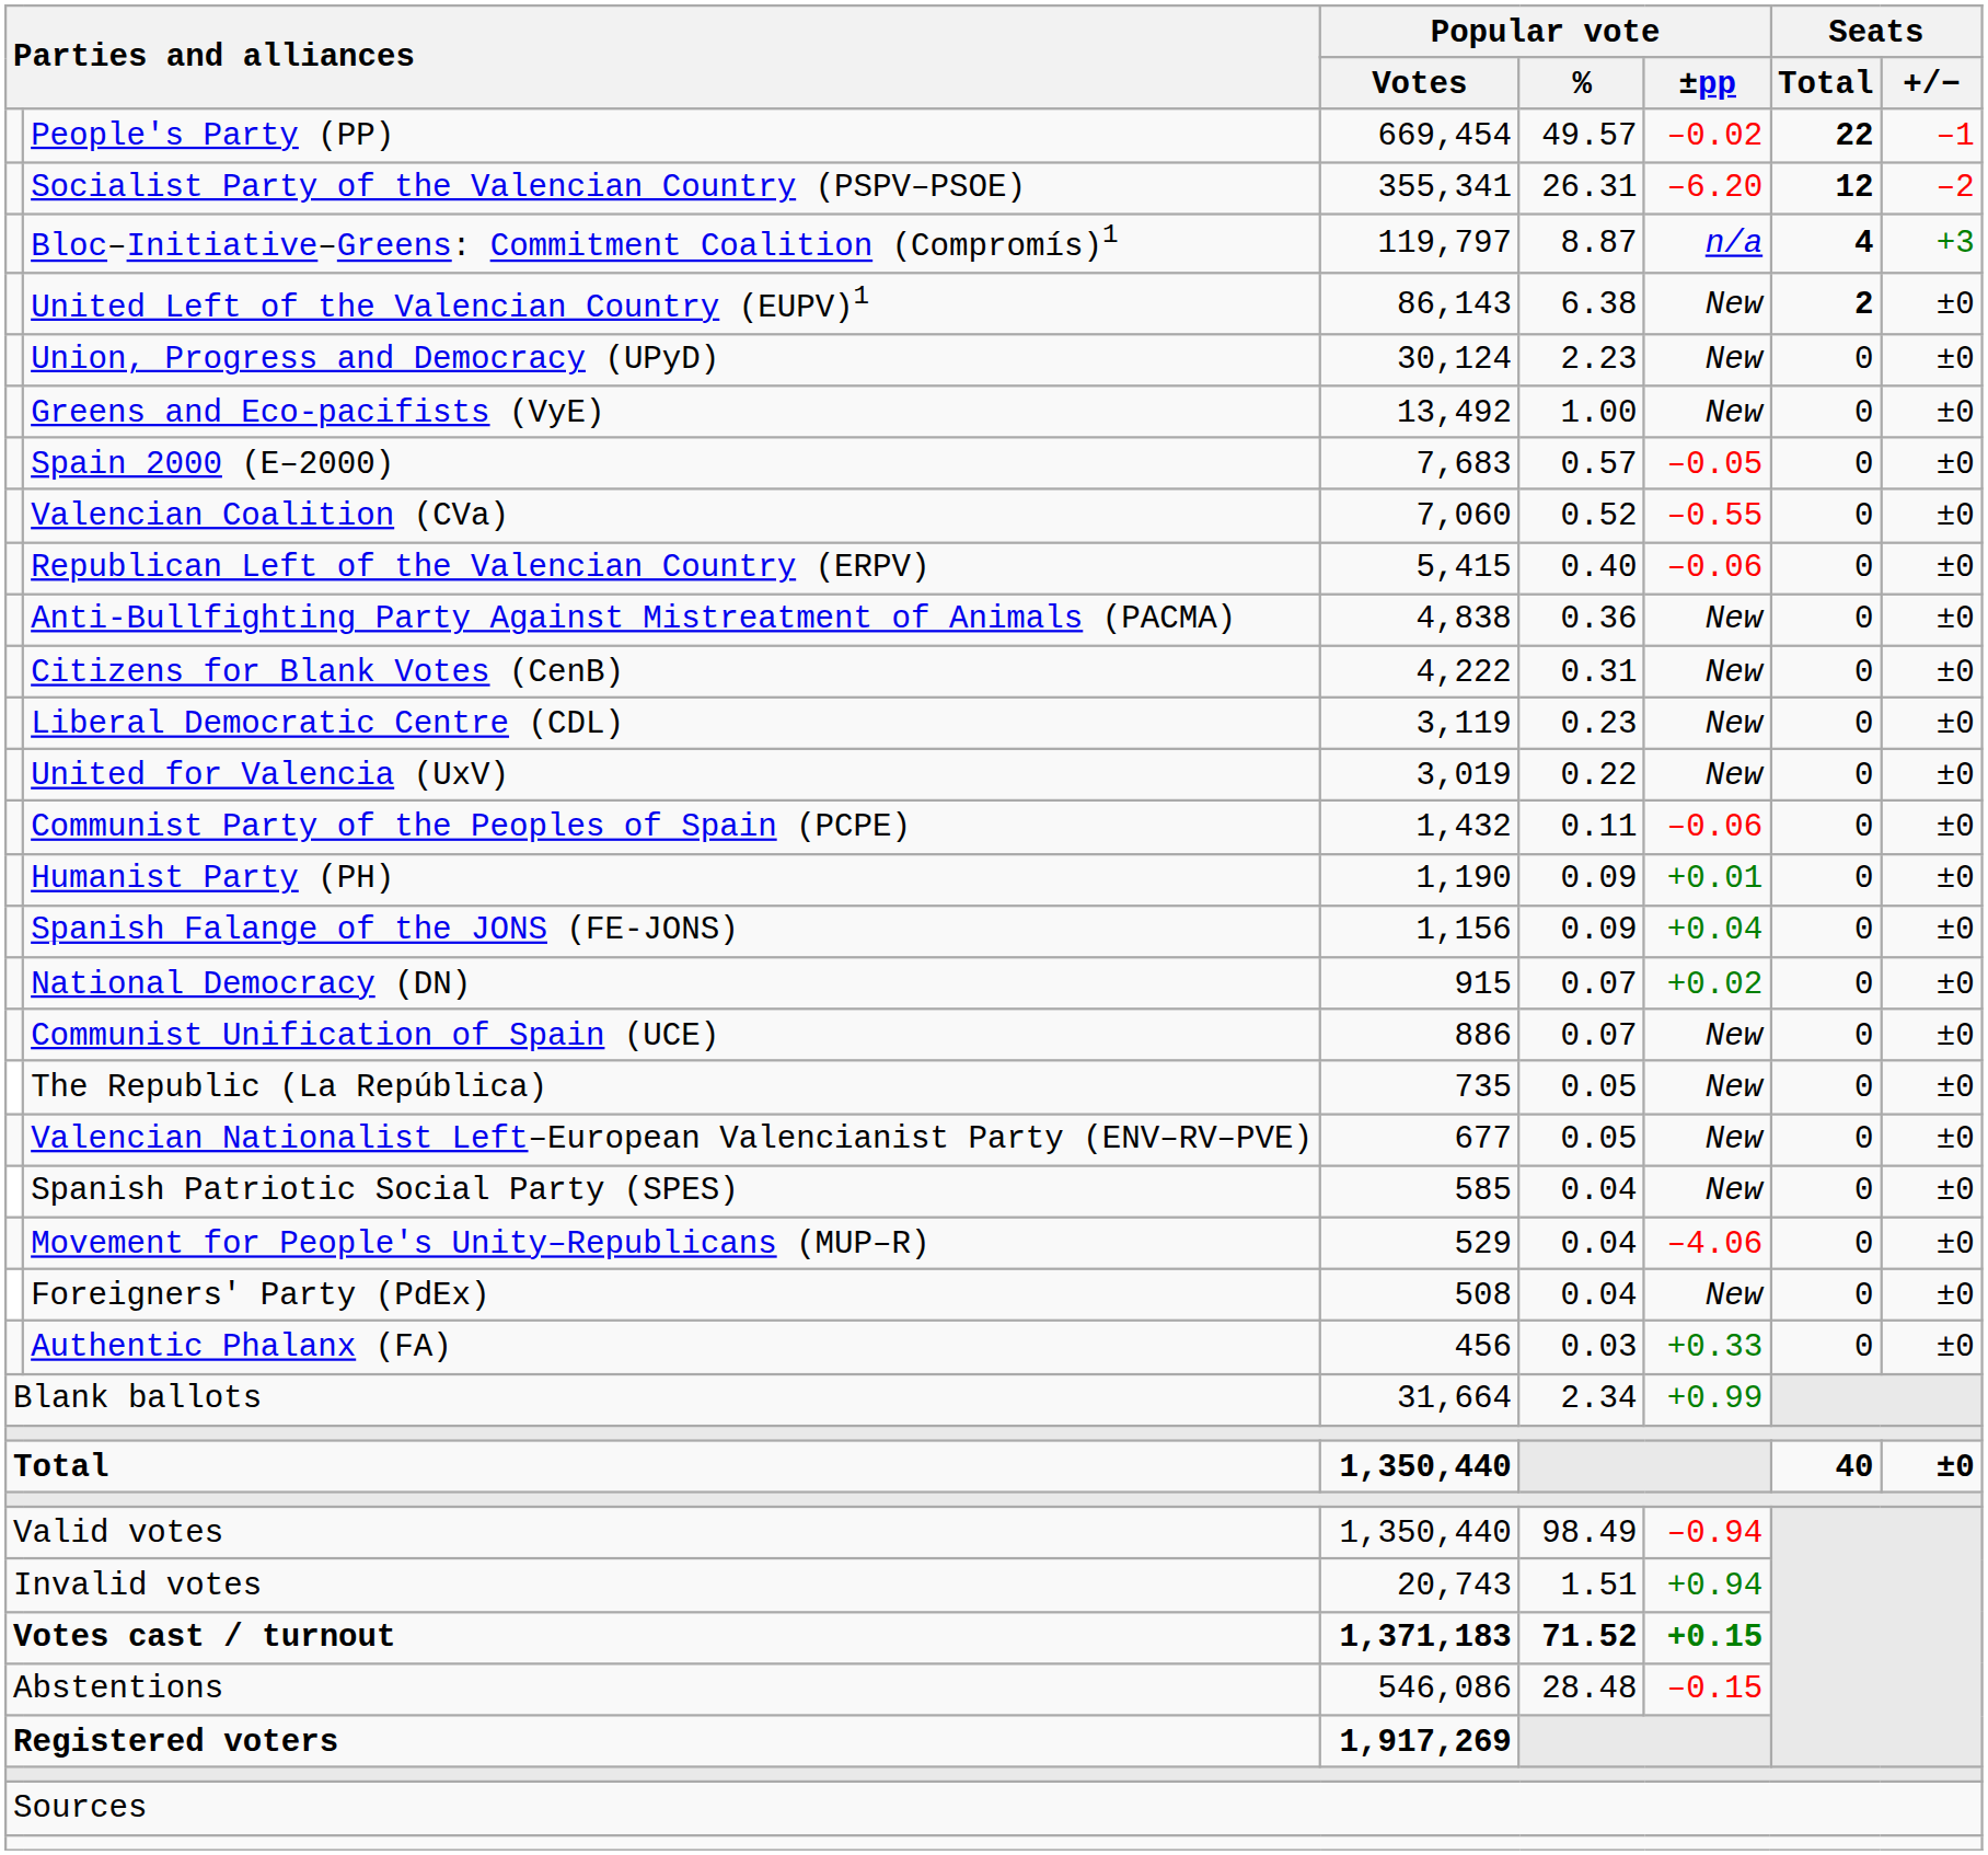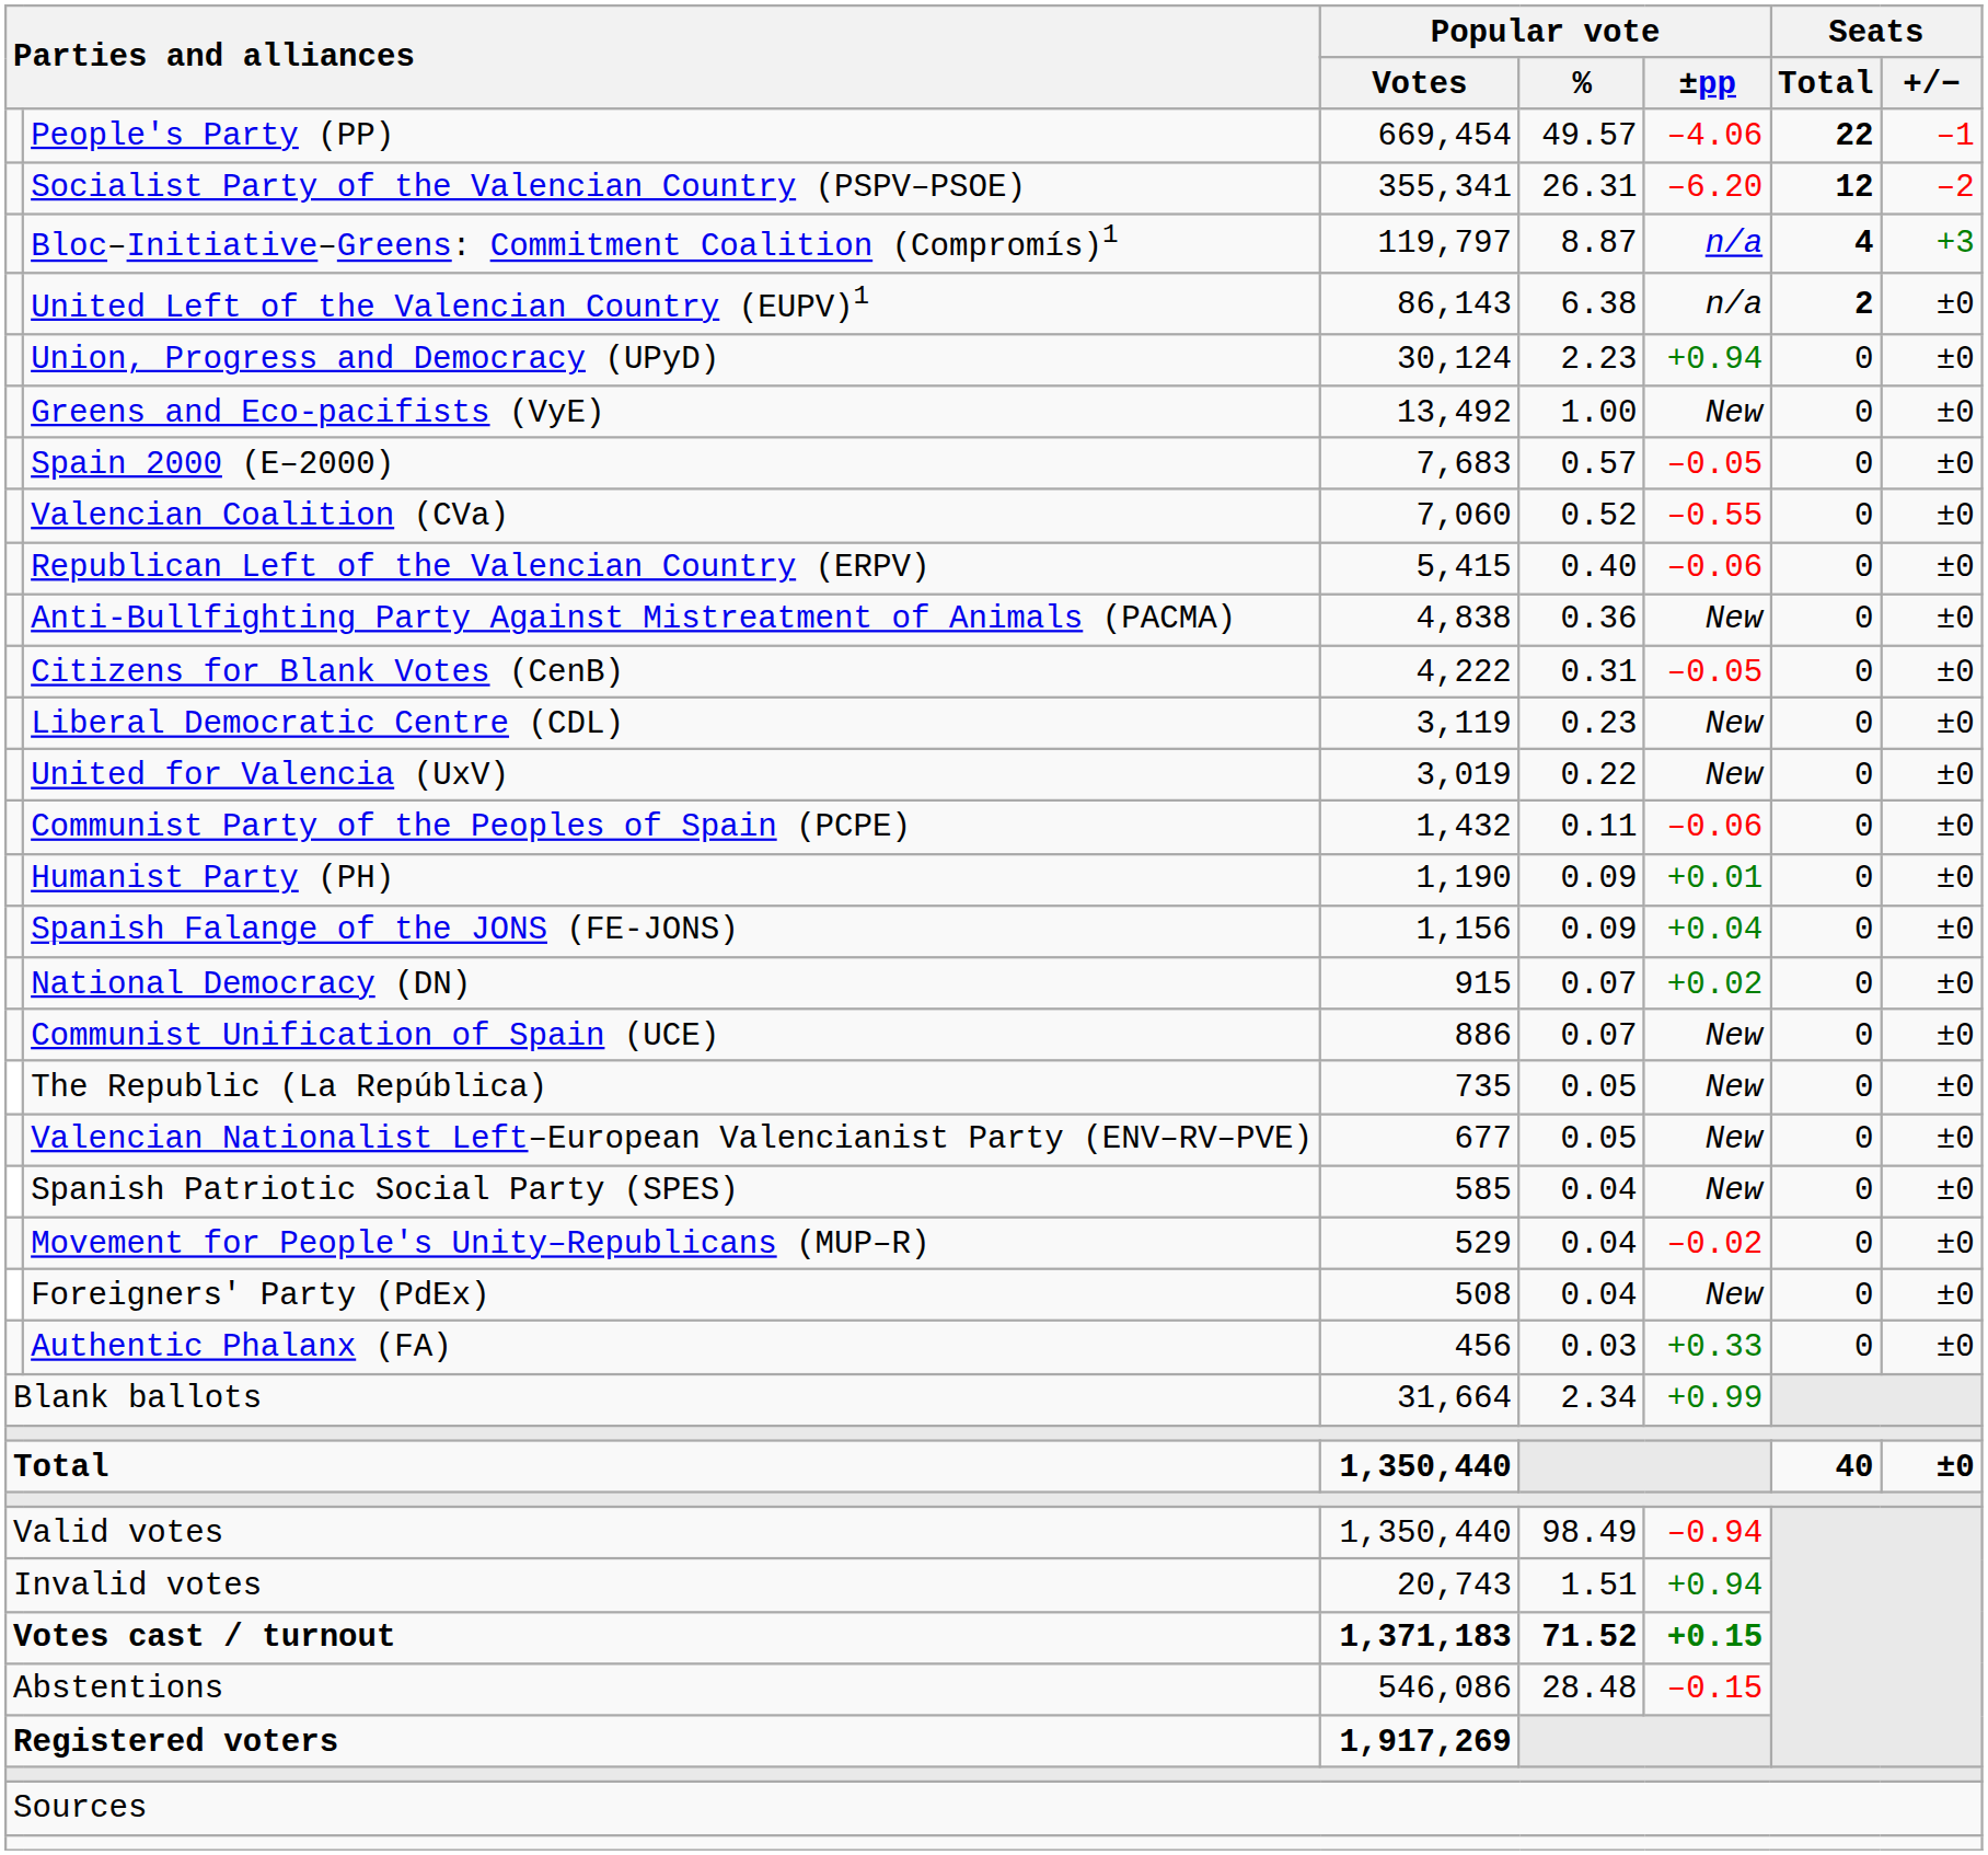 <table class="wikitable" style="text-align:right;">
 <tr>
 <th style="text-align:left;" rowspan="2" colspan="2" width="525">Parties and alliances</th>
 <th colspan="3">Popular vote</th>
 <th colspan="2">Seats</th>
 </tr>
 <tr>
 <th width="75">Votes</th>
 <th width="45">%</th>
 <th width="45">±<a href='#'>pp</a></th>
 <th width="35">Total</th>
 <th width="35">+/−</th>
 </tr>
 <tr>
 <td width="1" style="color:inherit;background:"></td>
 <td align="left"><a href='#'>People's Party</a> (PP)</td>
 <td>669,454</td>
 <td>49.57</td>
-<td style="color:red;">–0.02</td>
+<td style="color:red;">–4.06</td>
 <td><strong>22</strong></td>
 <td style="color:red;">–1</td>
 </tr>
 <tr>
 <td style="color:inherit;background:"></td>
 <td align="left"><a href='#'>Socialist Party of the Valencian Country</a> (PSPV–PSOE)</td>
 <td>355,341</td>
 <td>26.31</td>
 <td style="color:red;">–6.20</td>
 <td><strong>12</strong></td>
 <td style="color:red;">–2</td>
 </tr>
 <tr>
 <td style="color:inherit;background:"></td>
 <td align="left"><a href='#'>Bloc</a>–<a href='#'>Initiative</a>–<a href='#'>Greens</a>: <a href='#'>Commitment Coalition</a> (Compromís)<sup>1</sup></td>
 <td>119,797</td>
 <td>8.87</td>
 <td><em><a href='#'>n/a</a></em></td>
 <td><strong>4</strong></td>
 <td style="color:green;">+3</td>
 </tr>
 <tr>
 <td style="color:inherit;background:"></td>
 <td align="left"><a href='#'>United Left of the Valencian Country</a> (EUPV)<sup>1</sup></td>
 <td>86,143</td>
 <td>6.38</td>
-<td><em>New</em></td>
+<td><em>n/a</em></td>
 <td><strong>2</strong></td>
 <td>±0</td>
 </tr>
 <tr>
 <td style="color:inherit;background:"></td>
 <td align="left"><a href='#'>Union, Progress and Democracy</a> (UPyD)</td>
 <td>30,124</td>
 <td>2.23</td>
-<td><em>New</em></td>
+<td style="color:green;">+0.94</td>
 <td>0</td>
 <td>±0</td>
 </tr>
 <tr>
 <td style="color:inherit;background:"></td>
 <td align="left"><a href='#'>Greens and Eco-pacifists</a> (VyE)</td>
 <td>13,492</td>
 <td>1.00</td>
 <td><em>New</em></td>
 <td>0</td>
 <td>±0</td>
 </tr>
 <tr>
 <td style="color:inherit;background:"></td>
 <td align="left"><a href='#'>Spain 2000</a> (E–2000)</td>
 <td>7,683</td>
 <td>0.57</td>
 <td style="color:red;">–0.05</td>
 <td>0</td>
 <td>±0</td>
 </tr>
 <tr>
 <td style="color:inherit;background:"></td>
 <td align="left"><a href='#'>Valencian Coalition</a> (CVa)</td>
 <td>7,060</td>
 <td>0.52</td>
 <td style="color:red;">–0.55</td>
 <td>0</td>
 <td>±0</td>
 </tr>
 <tr>
 <td style="color:inherit;background:"></td>
 <td align="left"><a href='#'>Republican Left of the Valencian Country</a> (ERPV)</td>
 <td>5,415</td>
 <td>0.40</td>
 <td style="color:red;">–0.06</td>
 <td>0</td>
 <td>±0</td>
 </tr>
 <tr>
 <td style="color:inherit;background:"></td>
 <td align="left"><a href='#'>Anti-Bullfighting Party Against Mistreatment of Animals</a> (PACMA)</td>
 <td>4,838</td>
 <td>0.36</td>
 <td><em>New</em></td>
 <td>0</td>
 <td>±0</td>
 </tr>
 <tr>
 <td style="color:inherit;background:"></td>
 <td align="left"><a href='#'>Citizens for Blank Votes</a> (CenB)</td>
 <td>4,222</td>
 <td>0.31</td>
-<td><em>New</em></td>
+<td style="color:red;">–0.05</td>
 <td>0</td>
 <td>±0</td>
 </tr>
 <tr>
 <td style="color:inherit;background:"></td>
 <td align="left"><a href='#'>Liberal Democratic Centre</a> (CDL)</td>
 <td>3,119</td>
 <td>0.23</td>
 <td><em>New</em></td>
 <td>0</td>
 <td>±0</td>
 </tr>
 <tr>
 <td style="color:inherit;background:"></td>
 <td align="left"><a href='#'>United for Valencia</a> (UxV)</td>
 <td>3,019</td>
 <td>0.22</td>
 <td><em>New</em></td>
 <td>0</td>
 <td>±0</td>
 </tr>
 <tr>
 <td style="color:inherit;background:"></td>
 <td align="left"><a href='#'>Communist Party of the Peoples of Spain</a> (PCPE)</td>
 <td>1,432</td>
 <td>0.11</td>
 <td style="color:red;">–0.06</td>
 <td>0</td>
 <td>±0</td>
 </tr>
 <tr>
 <td style="color:inherit;background:"></td>
 <td align="left"><a href='#'>Humanist Party</a> (PH)</td>
 <td>1,190</td>
 <td>0.09</td>
 <td style="color:green;">+0.01</td>
 <td>0</td>
 <td>±0</td>
 </tr>
 <tr>
 <td style="color:inherit;background:"></td>
 <td align="left"><a href='#'>Spanish Falange of the JONS</a> (FE-JONS)</td>
 <td>1,156</td>
 <td>0.09</td>
 <td style="color:green;">+0.04</td>
 <td>0</td>
 <td>±0</td>
 </tr>
 <tr>
 <td style="color:inherit;background:"></td>
 <td align="left"><a href='#'>National Democracy</a> (DN)</td>
 <td>915</td>
 <td>0.07</td>
 <td style="color:green;">+0.02</td>
 <td>0</td>
 <td>±0</td>
 </tr>
 <tr>
 <td style="color:inherit;background:"></td>
 <td align="left"><a href='#'>Communist Unification of Spain</a> (UCE)</td>
 <td>886</td>
 <td>0.07</td>
 <td><em>New</em></td>
 <td>0</td>
 <td>±0</td>
 </tr>
 <tr>
 <td bgcolor="white"></td>
 <td align="left">The Republic (La República)</td>
 <td>735</td>
 <td>0.05</td>
 <td><em>New</em></td>
 <td>0</td>
 <td>±0</td>
 </tr>
 <tr>
 <td style="color:inherit;background:"></td>
 <td align="left"><a href='#'>Valencian Nationalist Left</a>–European Valencianist Party (ENV–RV–PVE)</td>
 <td>677</td>
 <td>0.05</td>
 <td><em>New</em></td>
 <td>0</td>
 <td>±0</td>
 </tr>
 <tr>
 <td bgcolor="white"></td>
 <td align="left">Spanish Patriotic Social Party (SPES)</td>
 <td>585</td>
 <td>0.04</td>
 <td><em>New</em></td>
 <td>0</td>
 <td>±0</td>
 </tr>
 <tr>
 <td style="color:inherit;background:"></td>
 <td align="left"><a href='#'>Movement for People's Unity–Republicans</a> (MUP–R)</td>
 <td>529</td>
 <td>0.04</td>
-<td style="color:red;">–4.06</td>
+<td style="color:red;">–0.02</td>
 <td>0</td>
 <td>±0</td>
 </tr>
 <tr>
 <td bgcolor="white"></td>
 <td align="left">Foreigners' Party (PdEx)</td>
 <td>508</td>
 <td>0.04</td>
 <td><em>New</em></td>
 <td>0</td>
 <td>±0</td>
 </tr>
 <tr>
 <td style="color:inherit;background:"></td>
 <td align="left"><a href='#'>Authentic Phalanx</a> (FA)</td>
 <td>456</td>
 <td>0.03</td>
 <td style="color:green;">+0.33</td>
 <td>0</td>
 <td>±0</td>
 </tr>
 <tr>
 <td align="left" colspan="2">Blank ballots</td>
 <td>31,664</td>
 <td>2.34</td>
 <td style="color:green;">+0.99</td>
 <td bgcolor="#E9E9E9" colspan="2"></td>
 </tr>
 <tr>
 <td colspan="7" bgcolor="#E9E9E9"></td>
 </tr>
 <tr style="font-weight:bold;">
 <td align="left" colspan="2">Total</td>
 <td>1,350,440</td>
 <td bgcolor="#E9E9E9" colspan="2"></td>
 <td>40</td>
 <td>±0</td>
 </tr>
 <tr>
 <td colspan="7" bgcolor="#E9E9E9"></td>
 </tr>
 <tr>
 <td align="left" colspan="2">Valid votes</td>
 <td>1,350,440</td>
 <td>98.49</td>
 <td style="color:red;">–0.94</td>
 <td bgcolor="#E9E9E9" colspan="2" rowspan="5"></td>
 </tr>
 <tr>
 <td align="left" colspan="2">Invalid votes</td>
 <td>20,743</td>
 <td>1.51</td>
 <td style="color:green;">+0.94</td>
 </tr>
 <tr style="font-weight:bold;">
 <td align="left" colspan="2">Votes cast / turnout</td>
 <td>1,371,183</td>
 <td>71.52</td>
 <td style="color:green;">+0.15</td>
 </tr>
 <tr>
 <td align="left" colspan="2">Abstentions</td>
 <td>546,086</td>
 <td>28.48</td>
 <td style="color:red;">–0.15</td>
 </tr>
 <tr style="font-weight:bold;">
 <td align="left" colspan="2">Registered voters</td>
 <td>1,917,269</td>
 <td bgcolor="#E9E9E9" colspan="2"></td>
 </tr>
 <tr>
 <td colspan="7" bgcolor="#E9E9E9"></td>
 </tr>
 <tr>
 <td align="left" colspan="7">Sources</td>
 </tr>
 <tr>
 <td colspan="7" style="text-align:left; max-width:790px;"></td>
 </tr>
 </table>
